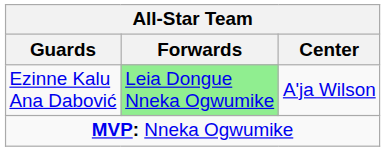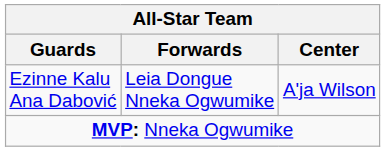 <table class=wikitable style="margin:auto">
 <tr>
 <th colspan=3 align=center>All-Star Team</th>
 </tr>
 <tr>
 <th>Guards</th>
 <th>Forwards</th>
 <th>Center</th>
 </tr>
 <tr>
 <td> <a href='#'>Ezinne Kalu</a><br> <a href='#'>Ana Dabović</a></td>
-<td valign=center style="background: lightgreen;"> <a href='#'>Leia Dongue</a><br> <a href='#'>Nneka Ogwumike</a></td>
+<td valign=center> <a href='#'>Leia Dongue</a><br> <a href='#'>Nneka Ogwumike</a></td>
 <td> <a href='#'>A'ja Wilson</a></td>
 </tr>
 <tr>
 <td colspan=3 align=center><strong><a href='#'>MVP</a>:</strong>  <a href='#'>Nneka Ogwumike</a></td>
 </tr>
 </table>
